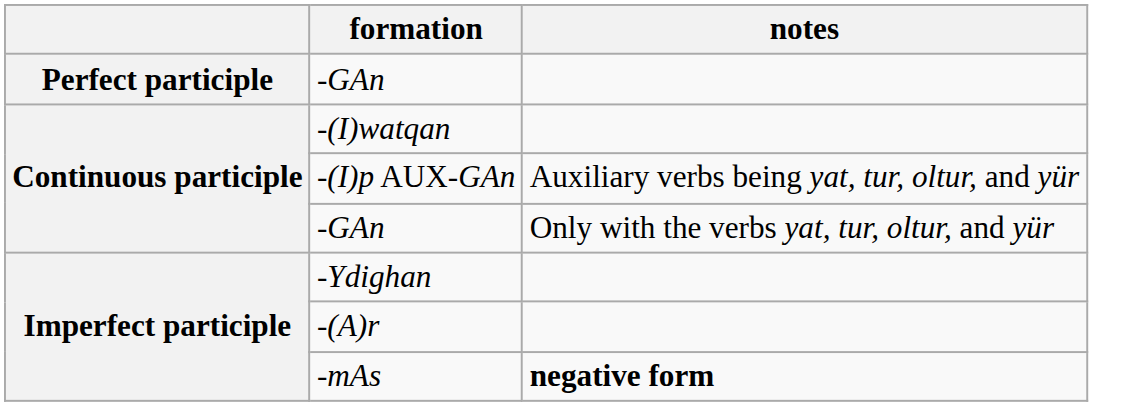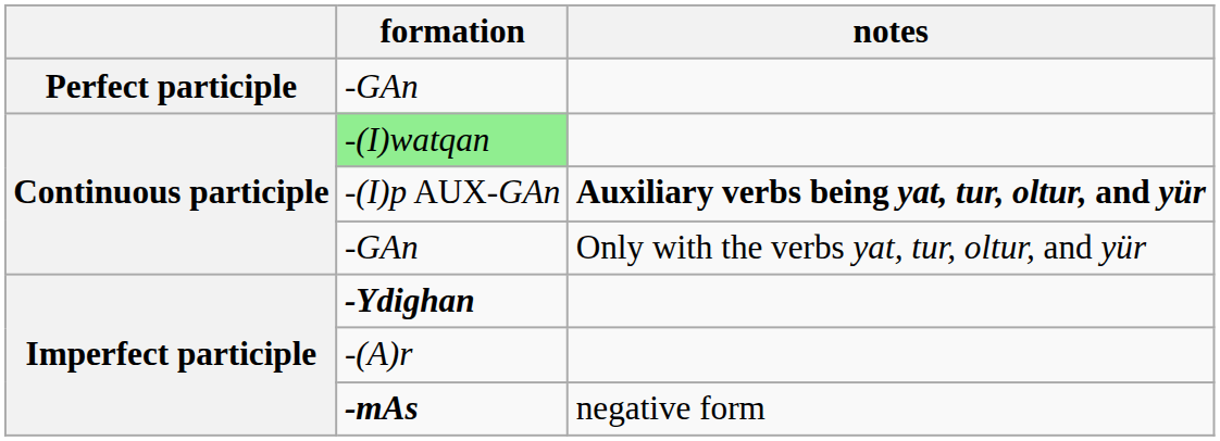 <table class="wikitable">
 <tr>
 <th></th>
 <th>formation</th>
 <th>notes</th>
 </tr>
 <tr>
 <th>Perfect participle</th>
 <td><em>-GAn</em></td>
 <td></td>
 </tr>
 <tr>
 <th rowspan="3">Continuous participle</th>
-<td><em>-(I)watqan</em></td>
+<td style="background: lightgreen;"><em>-(I)watqan</em></td>
 <td></td>
 </tr>
 <tr>
 <td><em>-(I)p</em> AUX<em>-GAn</em></td>
-<td>Auxiliary verbs being <em>yat, tur, oltur,</em> and <em>yür</em></td>
+<td><strong>Auxiliary verbs being <em>yat, tur, oltur,</em> and <em>yür</em></strong></td>
 </tr>
 <tr>
 <td><em>-GAn</em></td>
 <td>Only with the verbs <em>yat, tur, oltur,</em> and <em>yür</em></td>
 </tr>
 <tr>
 <th rowspan="3">Imperfect participle</th>
-<td><em>-Ydighan</em></td>
+<td><strong><em>-Ydighan</em></strong></td>
 <td></td>
 </tr>
 <tr>
 <td><em>-(A)r</em></td>
 <td></td>
 </tr>
 <tr>
-<td><em>-mAs</em></td>
-<td><strong>negative form</strong></td>
+<td><strong><em>-mAs</em></strong></td>
+<td>negative form</td>
 </tr>
 </table>
